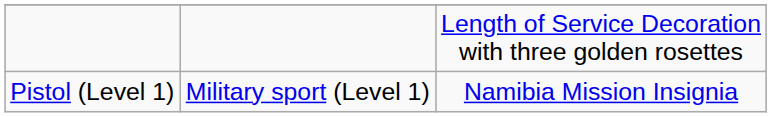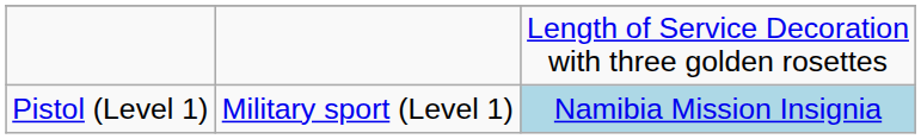 <table class="wikitable" style="margin:1em auto; text-align:center;">
 <tr>
 </tr>
 <tr>
 <td></td>
 <td></td>
 <td><a href='#'>Length of Service Decoration</a><br>with three golden rosettes</td>
 </tr>
 <tr>
 <td><a href='#'>Pistol</a> (Level 1)</td>
 <td><a href='#'>Military sport</a> (Level 1)</td>
-<td><a href='#'>Namibia Mission Insignia</a></td>
+<td style="background: lightblue;"><a href='#'>Namibia Mission Insignia</a></td>
 </tr>
 </table>
